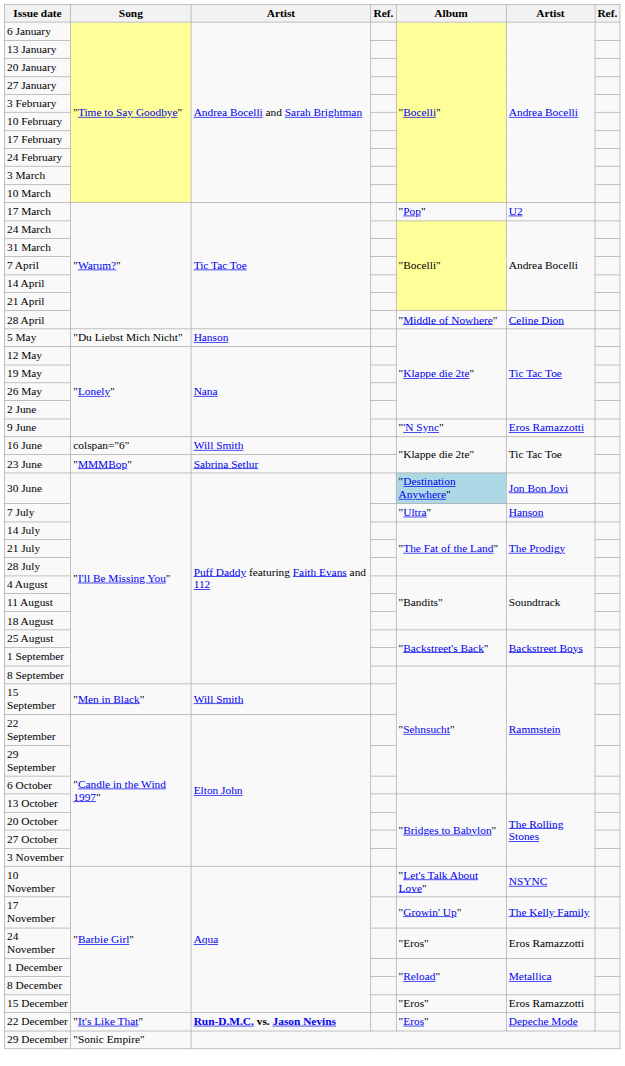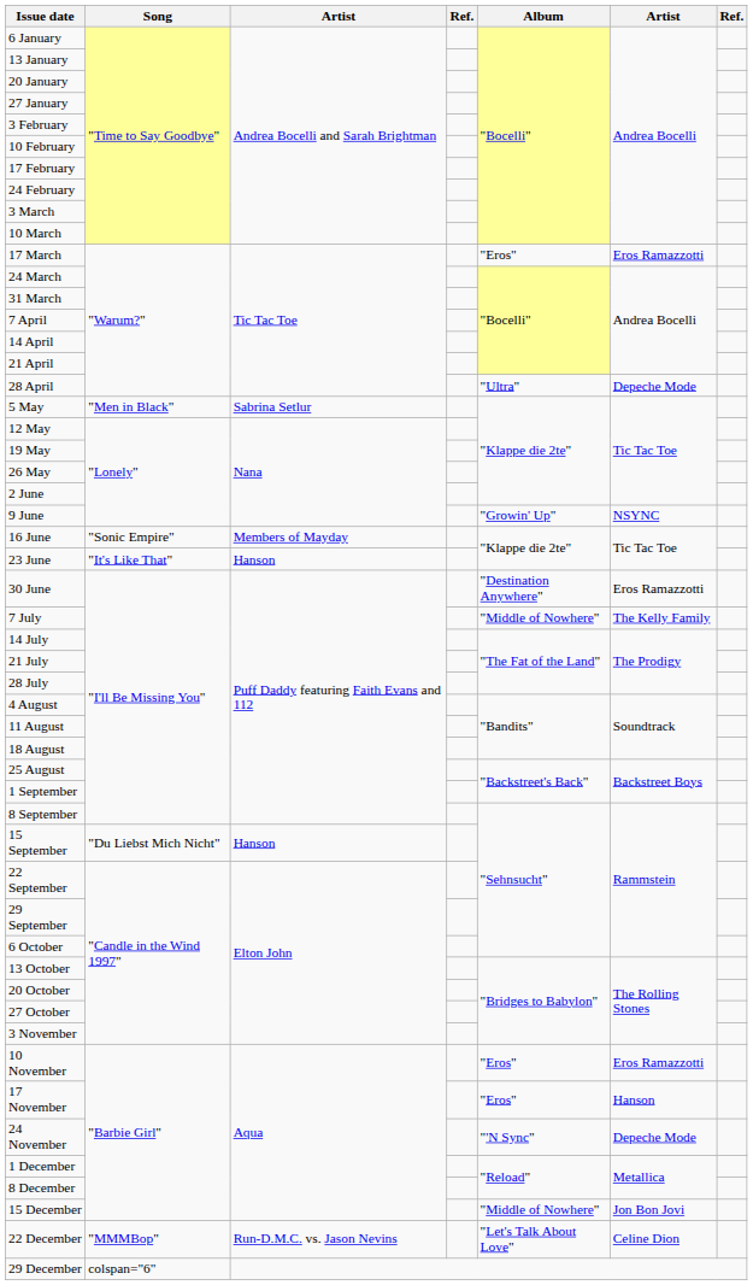 <table class="sortable wikitable">
 <tr>
 <th>Issue date</th>
 <th>Song</th>
 <th>Artist</th>
 <th>Ref.</th>
 <th>Album</th>
 <th>Artist</th>
 <th>Ref.</th>
 </tr>
 <tr>
 <td>6 January</td>
 <td bgcolor=#FFFF99  rowspan="10">"<a href='#'>Time to Say Goodbye</a>"</td>
 <td rowspan="10"><a href='#'>Andrea Bocelli</a> and <a href='#'>Sarah Brightman</a></td>
 <td align="center"></td>
 <td bgcolor=#FFFF99  rowspan="10">"<a href='#'>Bocelli</a>" </td>
 <td rowspan="10"><a href='#'>Andrea Bocelli</a></td>
 <td align="center"></td>
 </tr>
 <tr>
 <td>13 January</td>
 <td align="center"></td>
 <td align="center"></td>
 </tr>
 <tr>
 <td>20 January</td>
 <td align="center"></td>
 <td align="center"></td>
 </tr>
 <tr>
 <td>27 January</td>
 <td align="center"></td>
 <td align="center"></td>
 </tr>
 <tr>
 <td>3 February</td>
 <td align="center"></td>
 <td align="center"></td>
 </tr>
 <tr>
 <td>10 February</td>
 <td align="center"></td>
 <td align="center"></td>
 </tr>
 <tr>
 <td>17 February</td>
 <td align="center"></td>
 <td align="center"></td>
 </tr>
 <tr>
 <td>24 February</td>
 <td align="center"></td>
 <td align="center"></td>
 </tr>
 <tr>
 <td>3 March</td>
 <td align="center"></td>
 <td align="center"></td>
 </tr>
 <tr>
 <td>10 March</td>
 <td align="center"></td>
 <td align="center"></td>
 </tr>
 <tr>
 <td>17 March</td>
 <td rowspan="7">"<a href='#'>Warum?</a>"</td>
 <td rowspan="7"><a href='#'>Tic Tac Toe</a></td>
 <td align="center"></td>
-<td>"<a href='#'>Pop</a>"</td>
-<td><a href='#'>U2</a></td>
+<td>"Eros"</td>
+<td><a href='#'>Eros Ramazzotti</a></td>
 <td align="center"></td>
 </tr>
 <tr>
 <td>24 March</td>
 <td align="center"></td>
 <td bgcolor=#FFFF99 rowspan="5">"Bocelli" </td>
 <td rowspan="5">Andrea Bocelli</td>
 <td align="center"></td>
 </tr>
 <tr>
 <td>31 March</td>
 <td align="center"></td>
 <td align="center"></td>
 </tr>
 <tr>
 <td>7 April</td>
 <td align="center"></td>
 <td align="center"></td>
 </tr>
 <tr>
 <td>14 April</td>
 <td align="center"></td>
 <td align="center"></td>
 </tr>
 <tr>
 <td>21 April</td>
 <td align="center"></td>
 <td align="center"></td>
 </tr>
 <tr>
 <td>28 April</td>
 <td align="center"></td>
-<td>"<a href='#'>Middle of Nowhere</a>"</td>
-<td><a href='#'>Celine Dion</a></td>
+<td>"<a href='#'>Ultra</a>"</td>
+<td><a href='#'>Depeche Mode</a></td>
 <td align="center"></td>
 </tr>
 <tr>
 <td>5 May</td>
-<td>"Du Liebst Mich Nicht"</td>
-<td><a href='#'>Hanson</a></td>
+<td>"<a href='#'>Men in Black</a>"</td>
+<td><a href='#'>Sabrina Setlur</a></td>
 <td align="center"></td>
 <td rowspan="5">"<a href='#'>Klappe die 2te</a>"</td>
 <td rowspan="5"><a href='#'>Tic Tac Toe</a></td>
 <td align="center"></td>
 </tr>
 <tr>
 <td>12 May</td>
 <td rowspan="5">"<a href='#'>Lonely</a>"</td>
 <td rowspan="5"><a href='#'>Nana</a></td>
 <td align="center"></td>
 <td align="center"></td>
 </tr>
 <tr>
 <td>19 May</td>
 <td align="center"></td>
 <td align="center"></td>
 </tr>
 <tr>
 <td>26 May</td>
 <td align="center"></td>
 <td align="center"></td>
 </tr>
 <tr>
 <td>2 June</td>
 <td align="center"></td>
 <td align="center"></td>
 </tr>
 <tr>
 <td>9 June</td>
 <td align="center"></td>
-<td>"<a href='#'>'N Sync</a>"</td>
-<td><a href='#'>Eros Ramazzotti</a></td>
+<td>"<a href='#'>Growin' Up</a>"</td>
+<td><a href='#'>NSYNC</a></td>
 <td align="center"></td>
 </tr>
 <tr>
 <td>16 June</td>
-<td>colspan="6" </td>
-<td><a href='#'>Will Smith</a></td>
+<td>"Sonic Empire"</td>
+<td><a href='#'>Members of Mayday</a></td>
 <td align="center"></td>
 <td rowspan="2">"Klappe die 2te"</td>
 <td rowspan="2">Tic Tac Toe</td>
 <td align="center"></td>
 </tr>
 <tr>
 <td>23 June</td>
-<td>"<a href='#'>MMMBop</a>"</td>
-<td><a href='#'>Sabrina Setlur</a></td>
+<td>"<a href='#'>It's Like That</a>"</td>
+<td><a href='#'>Hanson</a></td>
 <td align="center"></td>
 <td align="center"></td>
 </tr>
 <tr>
 <td>30 June</td>
 <td rowspan="11">"<a href='#'>I'll Be Missing You</a>"</td>
 <td rowspan="11"><a href='#'>Puff Daddy</a> featuring <a href='#'>Faith Evans</a> and <a href='#'>112</a></td>
 <td align="center"></td>
-<td style="background: lightblue;">"<a href='#'>Destination Anywhere</a>"</td>
-<td><a href='#'>Jon Bon Jovi</a></td>
+<td>"<a href='#'>Destination Anywhere</a>"</td>
+<td>Eros Ramazzotti</td>
 <td align="center"></td>
 </tr>
 <tr>
 <td>7 July</td>
 <td align="center"></td>
-<td>"<a href='#'>Ultra</a>"</td>
-<td><a href='#'>Hanson</a></td>
+<td>"<a href='#'>Middle of Nowhere</a>"</td>
+<td><a href='#'>The Kelly Family</a></td>
 <td align="center"></td>
 </tr>
 <tr>
 <td>14 July</td>
 <td align="center"></td>
 <td rowspan="3">"<a href='#'>The Fat of the Land</a>"</td>
 <td rowspan="3"><a href='#'>The Prodigy</a></td>
 <td align="center"></td>
 </tr>
 <tr>
 <td>21 July</td>
 <td align="center"></td>
 <td align="center"></td>
 </tr>
 <tr>
 <td>28 July</td>
 <td align="center"></td>
 <td align="center"></td>
 </tr>
 <tr>
 <td>4 August</td>
 <td align="center"></td>
 <td rowspan="3">"Bandits"</td>
 <td rowspan="3">Soundtrack</td>
 <td align="center"></td>
 </tr>
 <tr>
 <td>11 August</td>
 <td align="center"></td>
 <td align="center"></td>
 </tr>
 <tr>
 <td>18 August</td>
 <td align="center"></td>
 <td align="center"></td>
 </tr>
 <tr>
 <td>25 August</td>
 <td align="center"></td>
 <td rowspan="2">"<a href='#'>Backstreet's Back</a>"</td>
 <td rowspan="2"><a href='#'>Backstreet Boys</a></td>
 <td align="center"></td>
 </tr>
 <tr>
 <td>1 September</td>
 <td align="center"></td>
 <td align="center"></td>
 </tr>
 <tr>
 <td>8 September</td>
 <td align="center"></td>
 <td rowspan="5">"<a href='#'>Sehnsucht</a>"</td>
 <td rowspan="5"><a href='#'>Rammstein</a></td>
 <td align="center"></td>
 </tr>
 <tr>
 <td>15 September</td>
-<td>"<a href='#'>Men in Black</a>"</td>
-<td><a href='#'>Will Smith</a></td>
+<td>"Du Liebst Mich Nicht"</td>
+<td><a href='#'>Hanson</a></td>
 <td align="center"></td>
 <td align="center"></td>
 </tr>
 <tr>
 <td>22 September</td>
 <td rowspan="7">"<a href='#'>Candle in the Wind 1997</a>"</td>
 <td rowspan="7"><a href='#'>Elton John</a></td>
 <td align="center"></td>
 <td align="center"></td>
 </tr>
 <tr>
 <td>29 September</td>
 <td align="center"></td>
 <td align="center"></td>
 </tr>
 <tr>
 <td>6 October</td>
 <td align="center"></td>
 <td align="center"></td>
 </tr>
 <tr>
 <td>13 October</td>
 <td align="center"></td>
 <td rowspan="4">"<a href='#'>Bridges to Babylon</a>"</td>
 <td rowspan="4"><a href='#'>The Rolling Stones</a></td>
 <td align="center"></td>
 </tr>
 <tr>
 <td>20 October</td>
 <td align="center"></td>
 <td align="center"></td>
 </tr>
 <tr>
 <td>27 October</td>
 <td align="center"></td>
 <td align="center"></td>
 </tr>
 <tr>
 <td>3 November</td>
 <td align="center"></td>
 <td align="center"></td>
 </tr>
 <tr>
 <td>10 November</td>
 <td rowspan="6">"<a href='#'>Barbie Girl</a>"</td>
 <td rowspan="6"><a href='#'>Aqua</a></td>
 <td align="center"></td>
-<td>"<a href='#'>Let's Talk About Love</a>"</td>
-<td><a href='#'>NSYNC</a></td>
+<td>"<a href='#'>Eros</a>"</td>
+<td><a href='#'>Eros Ramazzotti</a></td>
 <td align="center"></td>
 </tr>
 <tr>
 <td>17 November</td>
 <td align="center"></td>
-<td>"<a href='#'>Growin' Up</a>"</td>
-<td><a href='#'>The Kelly Family</a></td>
+<td>"<a href='#'>Eros</a>"</td>
+<td><a href='#'>Hanson</a></td>
 <td align="center"></td>
 </tr>
 <tr>
 <td>24 November</td>
 <td align="center"></td>
-<td>"Eros"</td>
-<td>Eros Ramazzotti</td>
+<td>"<a href='#'>'N Sync</a>"</td>
+<td><a href='#'>Depeche Mode</a></td>
 <td align="center"></td>
 </tr>
 <tr>
 <td>1 December</td>
 <td align="center"></td>
 <td rowspan="2">"<a href='#'>Reload</a>"</td>
 <td rowspan="2"><a href='#'>Metallica</a></td>
 <td align="center"></td>
 </tr>
 <tr>
 <td>8 December</td>
 <td align="center"></td>
 <td align="center"></td>
 </tr>
 <tr>
 <td>15 December</td>
 <td align="center"></td>
-<td>"Eros"</td>
-<td>Eros Ramazzotti</td>
+<td>"<a href='#'>Middle of Nowhere</a>"</td>
+<td><a href='#'>Jon Bon Jovi</a></td>
 <td align="center"></td>
 </tr>
 <tr>
 <td>22 December</td>
-<td>"<a href='#'>It's Like That</a>"</td>
-<td><strong><a href='#'>Run-D.M.C.</a> vs. <a href='#'>Jason Nevins</a></strong></td>
+<td>"<a href='#'>MMMBop</a>"</td>
+<td><a href='#'>Run-D.M.C.</a> vs. <a href='#'>Jason Nevins</a></td>
 <td align="center"></td>
-<td>"<a href='#'>Eros</a>"</td>
-<td><a href='#'>Depeche Mode</a></td>
+<td>"<a href='#'>Let's Talk About Love</a>"</td>
+<td><a href='#'>Celine Dion</a></td>
 <td align="center"></td>
 </tr>
 <tr>
 <td>29 December</td>
-<td>"Sonic Empire"</td>
+<td>colspan="6" </td>
 </tr>
 </table>
